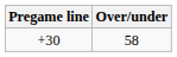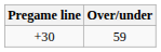 <table class="wikitable" style="margin-left: auto; margin-right: auto; border: none; display: inline-table;">
 <tr align="center">
 <th style=>Pregame line</th>
 <th style=>Over/under</th>
 </tr>
 <tr align="center">
 <td>+30</td>
-<td>58</td>
+<td>59</td>
 </tr>
 </table>
